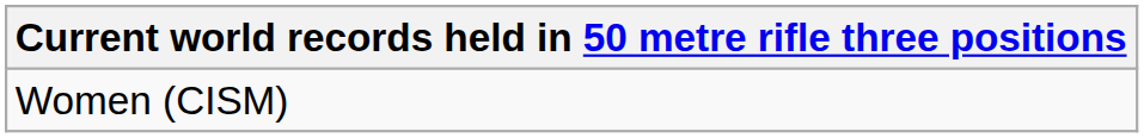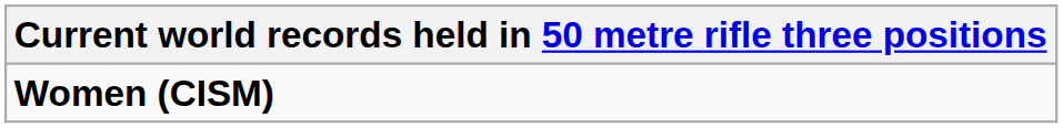 <table class="wikitable" style="font-size: 95%">
 <tr>
 <th colspan=7>Current world records held in <a href='#'>50 metre rifle three positions</a></th>
 </tr>
 <tr>
-<td>Women (CISM)<br></td>
+<td><strong>Women (CISM)<br></strong></td>
 </tr>
 </table>
